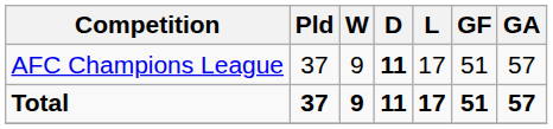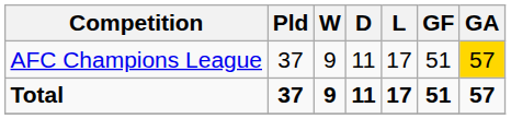 <table class="wikitable">
 <tr>
 <th>Competition</th>
 <th>Pld</th>
 <th>W</th>
 <th>D</th>
 <th>L</th>
 <th>GF</th>
 <th>GA</th>
 </tr>
 <tr>
 <td><a href='#'>AFC Champions League</a></td>
 <td style="text-align:center;">37</td>
 <td style="text-align:center;">9</td>
-<td style="text-align:center;"><strong>11</strong></td>
+<td style="text-align:center;">11</td>
 <td style="text-align:center;">17</td>
 <td style="text-align:center;">51</td>
-<td style="text-align:center;">57</td>
+<td style="background: gold; text-align:center;">57</td>
 </tr>
 <tr>
 <td><strong>Total</strong></td>
 <td style="text-align:center;"><strong>37</strong></td>
 <td style="text-align:center;"><strong>9</strong></td>
 <td style="text-align:center;"><strong>11</strong></td>
 <td style="text-align:center;"><strong>17</strong></td>
 <td style="text-align:center;"><strong>51</strong></td>
 <td style="text-align:center;"><strong>57</strong></td>
 </tr>
 <tr>
 </tr>
 </table>
